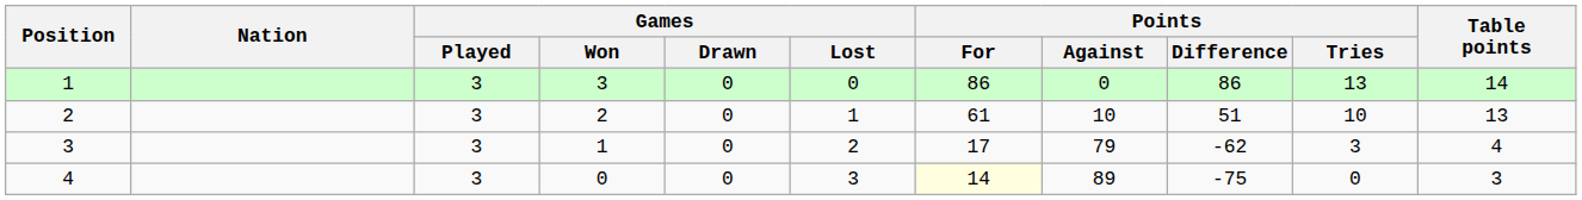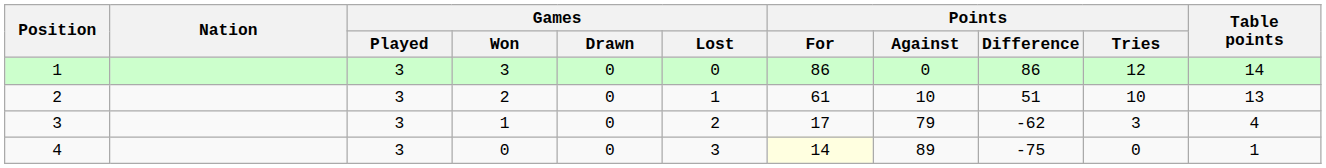 <table class="wikitable" style="text-align: center;">
 <tr>
 <th rowspan=2 width="8%">Position</th>
 <th rowspan=2 width="18%">Nation</th>
 <th colspan=4 width="32%">Games</th>
 <th colspan=4 width="32%">Points</th>
 <th rowspan=2 width="10%">Table<br>points</th>
 </tr>
 <tr>
 <th width="8%">Played</th>
 <th width="8%">Won</th>
 <th width="8%">Drawn</th>
 <th width="8%">Lost</th>
 <th width="8%">For</th>
 <th width="8%">Against</th>
 <th width="8%">Difference</th>
 <th width="8%">Tries</th>
 </tr>
 <tr bgcolor=#ccffcc align=center>
 <td>1</td>
 <td align=left></td>
 <td>3</td>
 <td>3</td>
 <td>0</td>
 <td>0</td>
 <td>86</td>
 <td>0</td>
 <td>86</td>
-<td>13</td>
+<td>12</td>
 <td>14</td>
 </tr>
 <tr>
 <td>2</td>
 <td align=left></td>
 <td>3</td>
 <td>2</td>
 <td>0</td>
 <td>1</td>
 <td>61</td>
 <td>10</td>
 <td>51</td>
 <td>10</td>
 <td>13</td>
 </tr>
 <tr>
 <td>3</td>
 <td align=left></td>
 <td>3</td>
 <td>1</td>
 <td>0</td>
 <td>2</td>
 <td>17</td>
 <td>79</td>
 <td>-62</td>
 <td>3</td>
 <td>4</td>
 </tr>
 <tr>
 <td>4</td>
 <td align=left></td>
 <td>3</td>
 <td>0</td>
 <td>0</td>
 <td>3</td>
 <td style="background: lightyellow;">14</td>
 <td>89</td>
 <td>-75</td>
 <td>0</td>
-<td>3</td>
+<td>1</td>
 </tr>
 </table>
